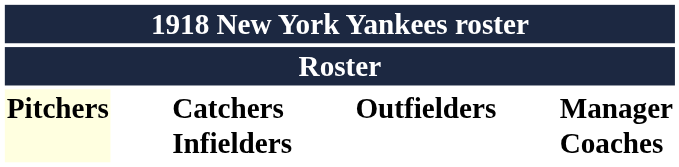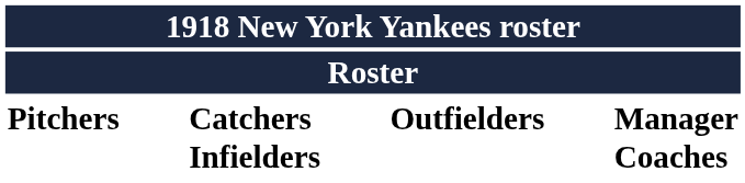 <table class="toccolours" style="font-size: 95%;">
 <tr>
 <th colspan="10" style="background-color: #1c2841; color: white; text-align: center;">1918 New York Yankees roster</th>
 </tr>
 <tr>
 <td colspan="10" style="background-color: #1c2841; color: white; text-align: center;"><strong>Roster</strong></td>
 </tr>
 <tr>
-<td valign="top" style="background: lightyellow;"><strong>Pitchers</strong><br>              </td>
+<td valign="top"><strong>Pitchers</strong><br>              </td>
 <td width="25px"></td>
 <td valign="top"><strong>Catchers</strong><br>    <strong>Infielders</strong>        </td>
 <td width="25px"></td>
 <td valign="top"><strong>Outfielders</strong><br>        </td>
 <td width="25px"></td>
 <td valign="top"><strong>Manager</strong><br> <strong>Coaches</strong> </td>
 </tr>
 </table>
